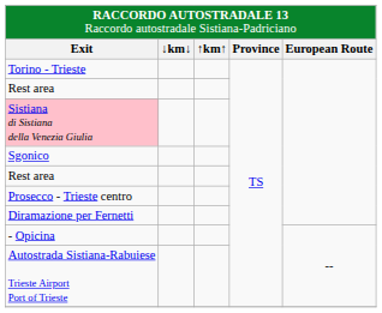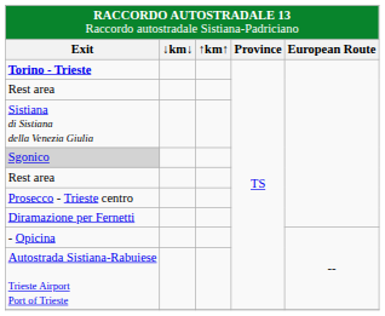 <table class="wikitable" border="1">
 <tr align="center" bgcolor="08842C" style="color: white;font-size:100%;">
 <td colspan="6"><strong> RACCORDO AUTOSTRADALE 13</strong><br>Raccordo autostradale Sistiana-Padriciano</td>
 </tr>
 <tr>
 <th style="text-align:center;"><strong>Exit</strong></th>
 <th style="text-align:center;"><strong>↓km↓</strong></th>
 <th style="text-align:center;"><strong>↑km↑</strong></th>
 <th align="center"><strong>Province</strong></th>
 <th align="center"><strong>European Route</strong></th>
 </tr>
 <tr>
-<td>   <a href='#'>Torino - Trieste</a></td>
+<td><strong>   <a href='#'>Torino - Trieste</a></strong></td>
 <td align="right"></td>
 <td align="right"></td>
 <td rowspan=9 align="center"><a href='#'>TS</a></td>
 <td rowspan=7 align="center"></td>
 </tr>
 <tr>
 <td> Rest area</td>
 <td align="right"></td>
 <td align="right"></td>
 </tr>
 <tr>
-<td style="background: pink;"> <a href='#'>Sistiana</a><br><small> <em>di Sistiana</em><br> <em>della Venezia Giulia</em></small></td>
+<td> <a href='#'>Sistiana</a><br><small> <em>di Sistiana</em><br> <em>della Venezia Giulia</em></small></td>
 <td align="right"></td>
 <td align="right"></td>
 </tr>
 <tr>
-<td>  <a href='#'>Sgonico</a></td>
+<td style="background: lightgrey;">  <a href='#'>Sgonico</a></td>
 <td align="right"></td>
 <td align="right"></td>
 </tr>
 <tr>
 <td> Rest area</td>
 <td align="right"></td>
 <td align="right"></td>
 </tr>
 <tr>
 <td> <a href='#'>Prosecco</a> - <a href='#'>Trieste</a> centro</td>
 <td align="right"></td>
 <td align="right"></td>
 </tr>
 <tr>
 <td>   <a href='#'>Diramazione per Fernetti</a></td>
 <td align="right"></td>
 <td align="right"></td>
 </tr>
 <tr>
 <td>  - <a href='#'>Opicina</a></td>
 <td align="right"></td>
 <td align="right"></td>
 <td rowspan="2" align="center">--</td>
 </tr>
 <tr>
 <td> <a href='#'>Autostrada Sistiana-Rabuiese</a><br> <br><small> <a href='#'>Trieste Airport</a><br> <a href='#'>Port of Trieste</a></small></td>
 <td align="right"></td>
 <td align="right"></td>
 </tr>
 <tr>
 </tr>
 </table>
